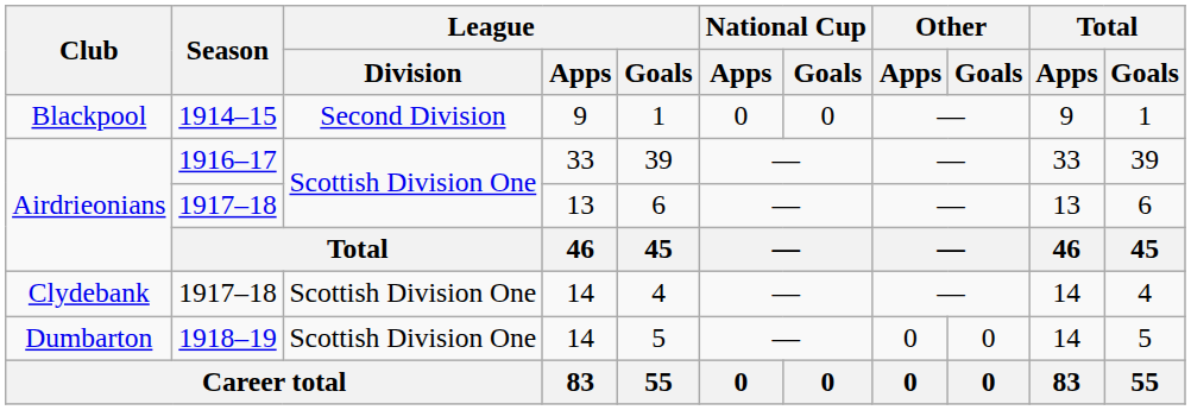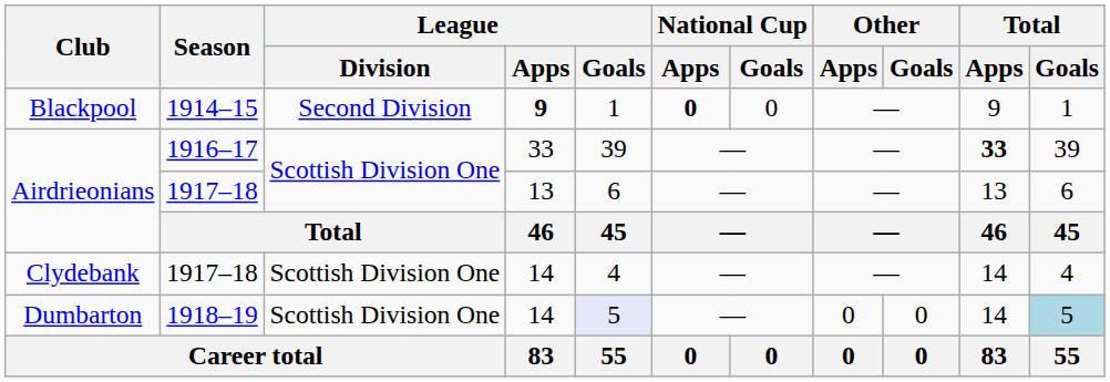 <table class="wikitable" style="text-align: center;">
 <tr>
 <th rowspan="2">Club</th>
 <th rowspan="2">Season</th>
 <th colspan="3">League</th>
 <th colspan="2">National Cup</th>
 <th colspan="2">Other</th>
 <th colspan="2">Total</th>
 </tr>
 <tr>
 <th>Division</th>
 <th>Apps</th>
 <th>Goals</th>
 <th>Apps</th>
 <th>Goals</th>
 <th>Apps</th>
 <th>Goals</th>
 <th>Apps</th>
 <th>Goals</th>
 </tr>
 <tr>
 <td><a href='#'>Blackpool</a></td>
 <td><a href='#'>1914–15</a></td>
 <td><a href='#'>Second Division</a></td>
-<td>9</td>
+<td><strong>9</strong></td>
 <td>1</td>
-<td>0</td>
+<td><strong>0</strong></td>
 <td>0</td>
 <td colspan="2">—</td>
 <td>9</td>
 <td>1</td>
 </tr>
 <tr>
 <td rowspan="3"><a href='#'>Airdrieonians</a></td>
 <td><a href='#'>1916–17</a></td>
 <td rowspan="2"><a href='#'>Scottish Division One</a></td>
 <td>33</td>
 <td>39</td>
 <td colspan="2">—</td>
 <td colspan="2">—</td>
-<td>33</td>
+<td><strong>33</strong></td>
 <td>39</td>
 </tr>
 <tr>
 <td><a href='#'>1917–18</a></td>
 <td>13</td>
 <td>6</td>
 <td colspan="2">—</td>
 <td colspan="2">—</td>
 <td>13</td>
 <td>6</td>
 </tr>
 <tr>
 <th colspan="2">Total</th>
 <th>46</th>
 <th>45</th>
 <th colspan="2">—</th>
 <th colspan="2">—</th>
 <th>46</th>
 <th>45</th>
 </tr>
 <tr>
 <td><a href='#'>Clydebank</a></td>
 <td>1917–18</td>
 <td>Scottish Division One</td>
 <td>14</td>
 <td>4</td>
 <td colspan="2">—</td>
 <td colspan="2">—</td>
 <td>14</td>
 <td>4</td>
 </tr>
 <tr>
 <td><a href='#'>Dumbarton</a></td>
 <td><a href='#'>1918–19</a></td>
 <td>Scottish Division One</td>
 <td>14</td>
-<td>5</td>
+<td style="background: lavender;">5</td>
 <td colspan="2">—</td>
 <td>0</td>
 <td>0</td>
 <td>14</td>
-<td>5</td>
+<td style="background: lightblue;">5</td>
 </tr>
 <tr>
 <th colspan="3">Career total</th>
 <th>83</th>
 <th>55</th>
 <th>0</th>
 <th>0</th>
 <th>0</th>
 <th>0</th>
 <th>83</th>
 <th>55</th>
 </tr>
 </table>
